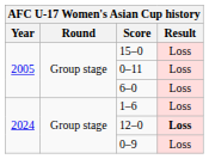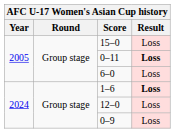 <table class="wikitable" style="text-align:center; font-size:100%;">
 <tr>
 <th colspan=4 style="background:color: #FFFFFF;">AFC U-17 Women's Asian Cup history</th>
 </tr>
 <tr>
 <th>Year</th>
 <th>Round</th>
 <th>Score</th>
 <th>Result</th>
 </tr>
 <tr>
 <td rowspan=3><a href='#'>2005</a></td>
 <td rowspan=3>Group stage</td>
 <td align="left"> 15–0 </td>
 <td bgcolor=#ffdddd>Loss</td>
 </tr>
 <tr>
 <td align="left"> 0–11 </td>
-<td bgcolor=#ffdddd>Loss</td>
+<td bgcolor=#ffdddd><strong>Loss</strong></td>
 </tr>
 <tr>
 <td align="left"> 6–0 </td>
 <td bgcolor=#ffdddd>Loss</td>
 </tr>
 <tr>
 <td rowspan=3><a href='#'>2024</a></td>
 <td rowspan=3>Group stage</td>
 <td align="left"> 1–6 </td>
-<td bgcolor=#ffdddd>Loss</td>
+<td bgcolor=#ffdddd><strong>Loss</strong></td>
 </tr>
 <tr>
 <td align="left"> 12–0 </td>
-<td bgcolor=#ffdddd><strong>Loss</strong></td>
+<td bgcolor=#ffdddd>Loss</td>
 </tr>
 <tr>
 <td align="left"> 0–9 </td>
 <td bgcolor=#ffdddd>Loss</td>
 </tr>
 </table>
